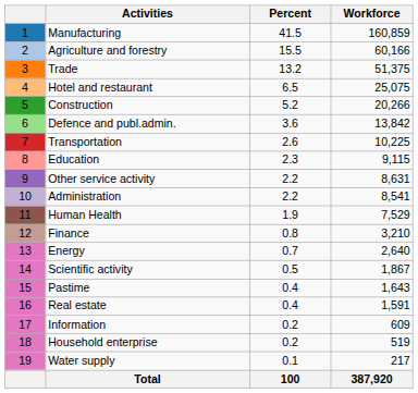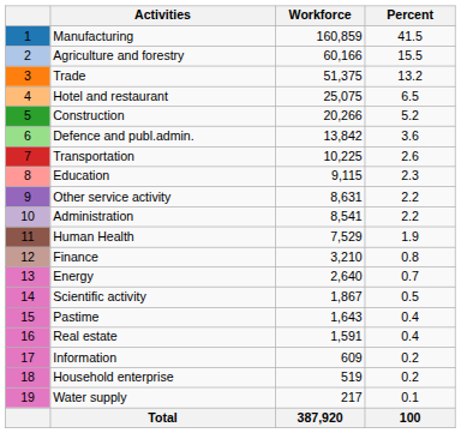 <table class="wikitable" style="width:45%; display:inline-table;">
 <tr>
 <th style="width:10%;"> </th>
 <th style="width:50%;">Activities</th>
+<th style="width:20%;">Workforce</th>
 <th style="width:20%;">Percent</th>
-<th style="width:20%;">Workforce</th>
 </tr>
 <tr>
 <td style="text-align:center; background:#1f77b4;">1</td>
 <td>Manufacturing</td>
+<td style="text-align:right;">160,859</td>
 <td style="text-align:center;">41.5</td>
-<td style="text-align:right;">160,859</td>
 </tr>
 <tr>
 <td style="text-align:center; background:#aec7e8;">2</td>
 <td>Agriculture and forestry</td>
+<td style="text-align:right;">60,166</td>
 <td style="text-align:center;">15.5</td>
-<td style="text-align:right;">60,166</td>
 </tr>
 <tr>
 <td style="text-align:center; background:#ff7f0e;">3</td>
 <td>Trade</td>
+<td style="text-align:right;">51,375</td>
 <td style="text-align:center;">13.2</td>
-<td style="text-align:right;">51,375</td>
 </tr>
 <tr>
 <td style="text-align:center; background:#ffbb78;">4</td>
 <td>Hotel and restaurant</td>
+<td style="text-align:right;">25,075</td>
 <td style="text-align:center;">6.5</td>
-<td style="text-align:right;">25,075</td>
 </tr>
 <tr>
 <td style="text-align:center; background:#2ca02c;">5</td>
 <td>Construction</td>
+<td style="text-align:right;">20,266</td>
 <td style="text-align:center;">5.2</td>
-<td style="text-align:right;">20,266</td>
 </tr>
 <tr>
 <td style="text-align:center; background:#98df8a;">6</td>
 <td>Defence and publ.admin.</td>
+<td style="text-align:right;">13,842</td>
 <td style="text-align:center;">3.6</td>
-<td style="text-align:right;">13,842</td>
 </tr>
 <tr>
 <td style="text-align:center; background:#d62728;">7</td>
 <td>Transportation</td>
+<td style="text-align:right;">10,225</td>
 <td style="text-align:center;">2.6</td>
-<td style="text-align:right;">10,225</td>
 </tr>
 <tr>
 <td style="text-align:center; background:#ff9896;">8</td>
 <td>Education</td>
+<td style="text-align:right;">9,115</td>
 <td style="text-align:center;">2.3</td>
-<td style="text-align:right;">9,115</td>
 </tr>
 <tr>
 <td style="text-align:center; background:#9467bd;">9</td>
 <td>Other service activity</td>
+<td style="text-align:right;">8,631</td>
 <td style="text-align:center;">2.2</td>
-<td style="text-align:right;">8,631</td>
 </tr>
 <tr>
 <td style="text-align:center; background:#c5b0d5;">10</td>
 <td>Administration</td>
+<td style="text-align:right;">8,541</td>
 <td style="text-align:center;">2.2</td>
-<td style="text-align:right;">8,541</td>
 </tr>
 <tr>
 <td style="text-align:center; background:#8c564b;">11</td>
 <td>Human Health</td>
+<td style="text-align:right;">7,529</td>
 <td style="text-align:center;">1.9</td>
-<td style="text-align:right;">7,529</td>
 </tr>
 <tr>
 <td style="text-align:center; background:#c49c94;">12</td>
 <td>Finance</td>
+<td style="text-align:right;">3,210</td>
 <td style="text-align:center;">0.8</td>
-<td style="text-align:right;">3,210</td>
 </tr>
 <tr>
 <td style="text-align:center; background:#e377c2;">13</td>
 <td>Energy</td>
+<td style="text-align:right;">2,640</td>
 <td style="text-align:center;">0.7</td>
-<td style="text-align:right;">2,640</td>
 </tr>
 <tr>
 <td style="text-align:center; background:#e377c2;">14</td>
 <td>Scientific activity</td>
+<td style="text-align:right;">1,867</td>
 <td style="text-align:center;">0.5</td>
-<td style="text-align:right;">1,867</td>
 </tr>
 <tr>
 <td style="text-align:center; background:#e377c2;">15</td>
 <td>Pastime</td>
+<td style="text-align:right;">1,643</td>
 <td style="text-align:center;">0.4</td>
-<td style="text-align:right;">1,643</td>
 </tr>
 <tr>
 <td style="text-align:center; background:#e377c2;">16</td>
 <td>Real estate</td>
+<td style="text-align:right;">1,591</td>
 <td style="text-align:center;">0.4</td>
-<td style="text-align:right;">1,591</td>
 </tr>
 <tr>
 <td style="text-align:center; background:#e377c2;">17</td>
 <td>Information</td>
+<td style="text-align:right;">609</td>
 <td style="text-align:center;">0.2</td>
-<td style="text-align:right;">609</td>
 </tr>
 <tr>
 <td style="text-align:center; background:#e377c2;">18</td>
 <td>Household enterprise</td>
+<td style="text-align:right;">519</td>
 <td style="text-align:center;">0.2</td>
-<td style="text-align:right;">519</td>
 </tr>
 <tr>
 <td style="text-align:center; background:#e377c2;">19</td>
 <td>Water supply</td>
+<td style="text-align:right;">217</td>
 <td style="text-align:center;">0.1</td>
-<td style="text-align:right;">217</td>
 </tr>
 <tr>
 <th> </th>
 <th>Total</th>
+<th>387,920</th>
 <th>100</th>
-<th>387,920</th>
 </tr>
 </table>
